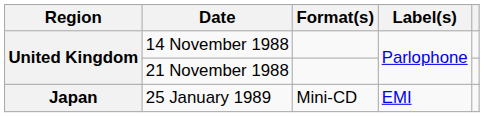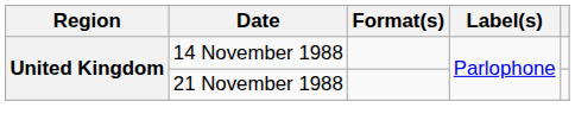 <table class="wikitable plainrowheaders">
 <tr>
 <th scope="col">Region</th>
 <th scope="col">Date</th>
 <th scope="col">Format(s)</th>
 <th scope="col">Label(s)</th>
 <th scope="col"></th>
 </tr>
 <tr>
 <th scope="row" rowspan="2">United Kingdom</th>
 <td>14 November 1988</td>
 <td></td>
 <td rowspan="2"><a href='#'>Parlophone</a></td>
 <td align="center"></td>
 </tr>
 <tr>
 <td>21 November 1988</td>
 <td></td>
 <td align="center"></td>
 </tr>
-<tr>
-<th scope="row">Japan</th>
-<td>25 January 1989</td>
-<td>Mini-CD</td>
-<td><a href='#'>EMI</a></td>
-<td align="center"></td>
-</tr>
 </table>
